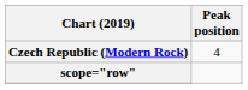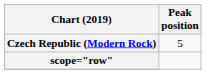 <table class="wikitable plainrowheaders">
 <tr>
 <th scope="col">Chart (2019)</th>
 <th scope="col">Peak<br>position</th>
 </tr>
 <tr>
 <th scope="row">Czech Republic (<a href='#'>Modern Rock</a>)</th>
-<td style="text-align:center;">4</td>
+<td style="text-align:center;">5</td>
 </tr>
 <tr>
 <th>scope="row" </th>
 </tr>
 <tr>
 </tr>
 </table>
